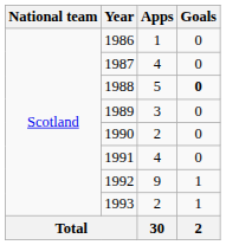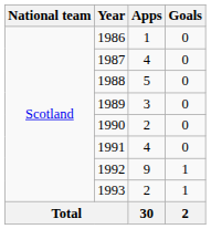 <table class="wikitable" style="text-align:center">
 <tr>
 <th>National team</th>
 <th>Year</th>
 <th>Apps</th>
 <th>Goals</th>
 </tr>
 <tr>
 <td rowspan="8"><a href='#'>Scotland</a></td>
 <td>1986</td>
 <td>1</td>
 <td>0</td>
 </tr>
 <tr>
 <td>1987</td>
 <td>4</td>
 <td>0</td>
 </tr>
 <tr>
 <td>1988</td>
 <td>5</td>
-<td><strong>0</strong></td>
+<td>0</td>
 </tr>
 <tr>
 <td>1989</td>
 <td>3</td>
 <td>0</td>
 </tr>
 <tr>
 <td>1990</td>
 <td>2</td>
 <td>0</td>
 </tr>
 <tr>
 <td>1991</td>
 <td>4</td>
 <td>0</td>
 </tr>
 <tr>
 <td>1992</td>
 <td>9</td>
 <td>1</td>
 </tr>
 <tr>
 <td>1993</td>
 <td>2</td>
 <td>1</td>
 </tr>
 <tr>
 <th colspan="2">Total</th>
 <th>30</th>
 <th>2</th>
 </tr>
 </table>
